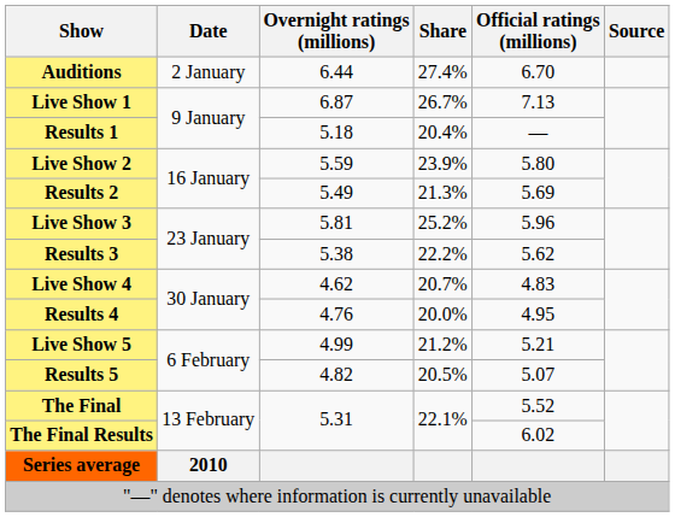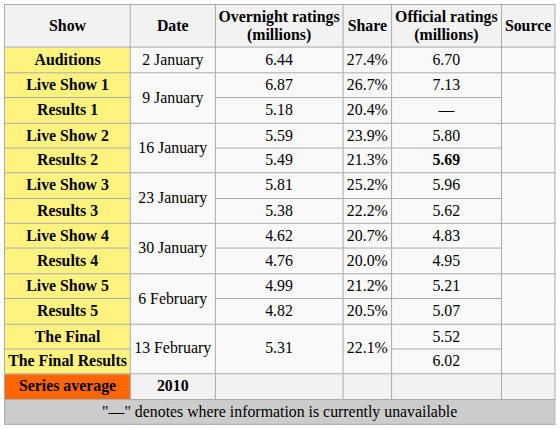 <table class="wikitable sortable" style="text-align:center">
 <tr>
 <th>Show</th>
 <th>Date</th>
 <th>Overnight ratings<br>(millions)</th>
 <th>Share</th>
 <th>Official ratings<br>(millions)</th>
 <th>Source</th>
 </tr>
 <tr>
 <td style="background:#FFF380"><strong>Auditions</strong></td>
 <td>2 January</td>
 <td>6.44</td>
 <td>27.4%</td>
 <td>6.70</td>
 <td></td>
 </tr>
 <tr>
 <td style="background:#FFF380"><strong>Live Show 1</strong></td>
 <td rowspan="2">9 January</td>
 <td>6.87</td>
 <td>26.7%</td>
 <td>7.13</td>
 <td rowspan="2"></td>
 </tr>
 <tr>
 <td style="background:#FFF380"><strong>Results 1</strong></td>
 <td>5.18</td>
 <td>20.4%</td>
 <td>—</td>
 </tr>
 <tr>
 <td style="background:#FFF380"><strong>Live Show 2</strong></td>
 <td rowspan="2">16 January</td>
 <td>5.59</td>
 <td>23.9%</td>
 <td>5.80</td>
 <td rowspan="2"></td>
 </tr>
 <tr>
 <td style="background:#FFF380"><strong>Results 2</strong></td>
 <td>5.49</td>
 <td>21.3%</td>
-<td>5.69</td>
+<td><strong>5.69</strong></td>
 </tr>
 <tr>
 <td style="background:#FFF380"><strong>Live Show 3</strong></td>
 <td rowspan="2">23 January</td>
 <td>5.81</td>
 <td>25.2%</td>
 <td>5.96</td>
 <td rowspan="2"></td>
 </tr>
 <tr>
 <td style="background:#FFF380"><strong>Results 3</strong></td>
 <td>5.38</td>
 <td>22.2%</td>
 <td>5.62</td>
 </tr>
 <tr>
 <td style="background:#FFF380"><strong>Live Show 4</strong></td>
 <td rowspan="2">30 January</td>
 <td>4.62</td>
 <td>20.7%</td>
 <td>4.83</td>
 <td rowspan="2"></td>
 </tr>
 <tr>
 <td style="background:#FFF380"><strong>Results 4</strong></td>
 <td>4.76</td>
 <td>20.0%</td>
 <td>4.95</td>
 </tr>
 <tr>
 <td style="background:#FFF380"><strong>Live Show 5</strong></td>
 <td rowspan="2">6 February</td>
 <td>4.99</td>
 <td>21.2%</td>
 <td>5.21</td>
 <td rowspan="2"></td>
 </tr>
 <tr>
 <td style="background:#FFF380"><strong>Results 5</strong></td>
 <td>4.82</td>
 <td>20.5%</td>
 <td>5.07</td>
 </tr>
 <tr>
 <td style="background:#FFF380"><strong>The Final</strong></td>
 <td rowspan="2">13 February</td>
 <td rowspan="2">5.31</td>
 <td rowspan="2">22.1%</td>
 <td>5.52</td>
 <td rowspan="2"></td>
 </tr>
 <tr>
 <td style="background:#FFF380"><strong>The Final Results</strong></td>
 <td>6.02</td>
 </tr>
 <tr>
 <th style="background:#f60;">Series average</th>
 <th>2010</th>
 <th></th>
 <th></th>
 <th></th>
 <th></th>
 </tr>
 <tr style="background:#ccc;">
 <td colspan="7">"—" denotes where information is currently unavailable</td>
 </tr>
 </table>
